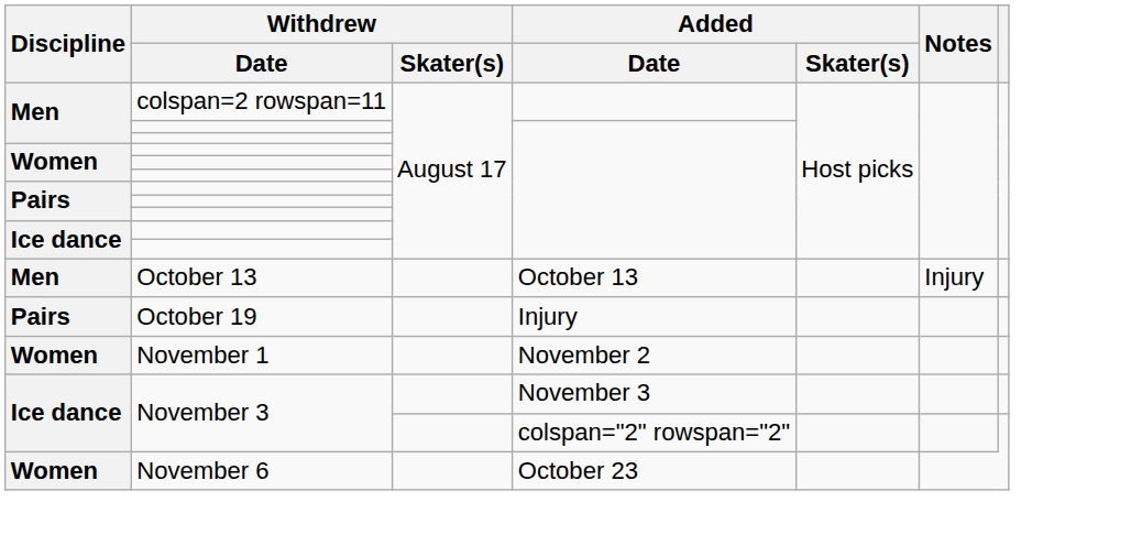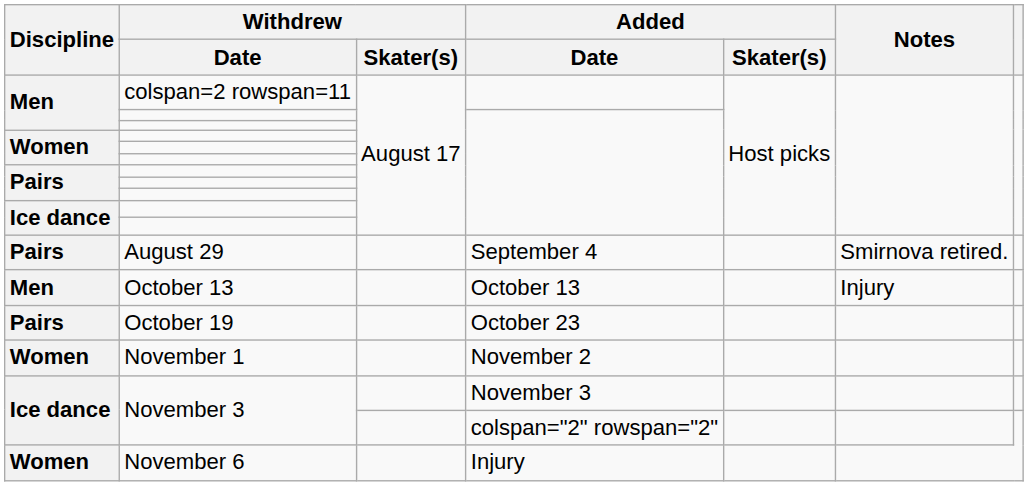 <table class="wikitable unsortable">
 <tr>
 <th scope="col" rowspan=2>Discipline</th>
 <th scope="col" colspan=2>Withdrew</th>
 <th scope="col" colspan=2>Added</th>
 <th scope="col" rowspan=2>Notes</th>
 <th scope="col" rowspan=2></th>
 </tr>
 <tr>
 <th>Date</th>
 <th>Skater(s)</th>
 <th>Date</th>
 <th>Skater(s)</th>
 </tr>
 <tr>
 <th scope="row" style="text-align:left" rowspan=3>Men</th>
 <td>colspan=2 rowspan=11 </td>
 <td rowspan=11>August 17</td>
 <td></td>
 <td rowspan=11>Host picks</td>
 <td rowspan="11"></td>
 </tr>
 <tr>
 <td></td>
 </tr>
 <tr>
 <td></td>
 </tr>
 <tr>
 <th scope="row" style="text-align:left" rowspan=3>Women</th>
 <td></td>
 </tr>
 <tr>
 <td></td>
 </tr>
 <tr>
 <td></td>
 </tr>
 <tr>
 <th scope="row" style="text-align:left" rowspan=3>Pairs</th>
 <td></td>
 </tr>
 <tr>
 <td></td>
 </tr>
 <tr>
 <td></td>
 </tr>
 <tr>
 <th scope="row" style="text-align:left" rowspan=2>Ice dance</th>
 <td></td>
 </tr>
 <tr>
 <td></td>
 </tr>
 <tr>
+<th scope="row" style="text-align:left">Pairs</th>
+<td>August 29</td>
+<td></td>
+<td>September 4</td>
+<td></td>
+<td>Smirnova retired.</td>
+<td></td>
+</tr>
+<tr>
 <th scope="row" style="text-align:left">Men</th>
 <td>October 13</td>
 <td></td>
 <td>October 13</td>
 <td></td>
 <td>Injury</td>
 <td></td>
 </tr>
 <tr>
 <th scope="row" style="text-align:left">Pairs</th>
 <td>October 19</td>
 <td></td>
-<td>Injury</td>
+<td>October 23</td>
 <td></td>
 <td></td>
 <td></td>
 </tr>
 <tr>
 <th scope="row" style="text-align:left">Women</th>
 <td>November 1</td>
 <td></td>
 <td>November 2</td>
 <td></td>
 <td></td>
 <td></td>
 </tr>
 <tr>
 <th scope="row" style="text-align:left" rowspan="2">Ice dance</th>
 <td rowspan="2">November 3</td>
 <td></td>
 <td>November 3</td>
 <td></td>
 <td></td>
 <td></td>
 </tr>
 <tr>
 <td></td>
 <td>colspan="2" rowspan="2" </td>
 <td></td>
 <td></td>
 </tr>
 <tr>
 <th scope="row" style="text-align:left">Women</th>
 <td>November 6</td>
 <td></td>
-<td>October 23</td>
+<td>Injury</td>
 <td></td>
 </tr>
 </table>
